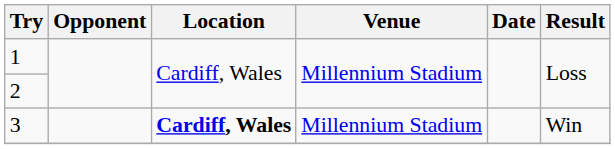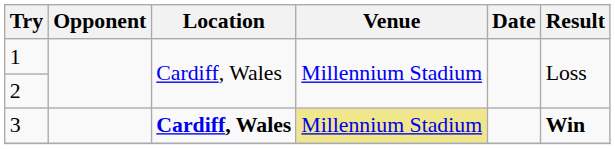 <table class="wikitable sortable">
 <tr>
 <th>Try</th>
 <th>Opponent</th>
 <th>Location</th>
 <th>Venue</th>
 <th>Date</th>
 <th>Result</th>
 </tr>
 <tr>
 <td>1</td>
 <td rowspan=2></td>
 <td rowspan=2><a href='#'>Cardiff</a>, Wales</td>
 <td rowspan=2><a href='#'>Millennium Stadium</a></td>
 <td rowspan=2></td>
 <td rowspan=2>Loss</td>
 </tr>
 <tr>
 <td>2</td>
 </tr>
 <tr>
 <td>3</td>
 <td></td>
 <td><strong><a href='#'>Cardiff</a>, Wales</strong></td>
-<td><a href='#'>Millennium Stadium</a></td>
+<td style="background: khaki;"><a href='#'>Millennium Stadium</a></td>
 <td></td>
-<td>Win</td>
+<td><strong>Win</strong></td>
 </tr>
 <tr>
 </tr>
 </table>
